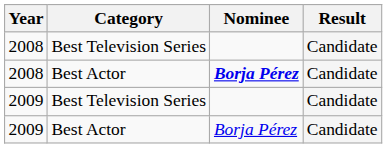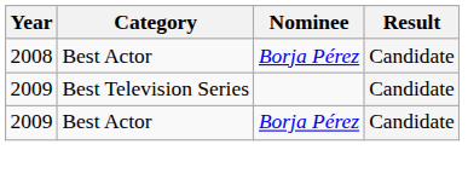 <table class="wikitable" border="1">
 <tr bgcolor="#DCDCDC">
 <th><strong>Year</strong></th>
 <th><strong>Category</strong></th>
 <th><strong>Nominee</strong></th>
 <th><strong>Result</strong></th>
 </tr>
 <tr>
 <td>2008</td>
-<td>Best Television Series</td>
-<td></td>
-<td style="background: #F5F5F5">Candidate</td>
-</tr>
-<tr>
-<td>2008</td>
 <td>Best Actor</td>
-<td><strong><em><a href='#'>Borja Pérez</a></em></strong></td>
+<td><em><a href='#'>Borja Pérez</a></em></td>
 <td style="background: #F5F5F5">Candidate</td>
 </tr>
 <tr>
 <td>2009</td>
 <td>Best Television Series</td>
 <td></td>
 <td style="background: #F5F5F5">Candidate</td>
 </tr>
 <tr>
 <td>2009</td>
 <td>Best Actor</td>
 <td><em><a href='#'>Borja Pérez</a></em></td>
 <td style="background: #F5F5F5">Candidate</td>
 </tr>
 </table>
